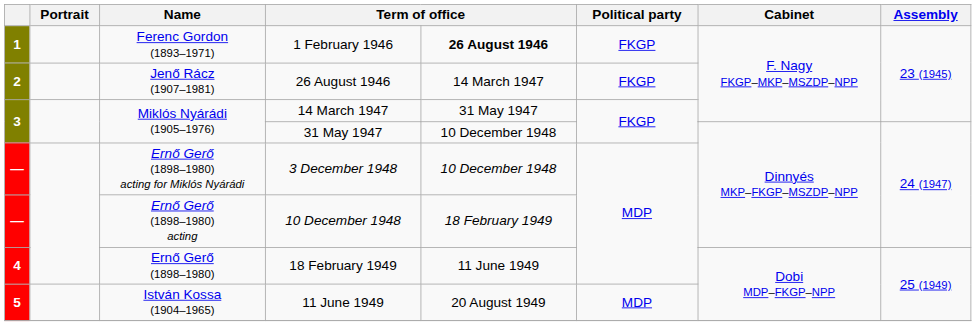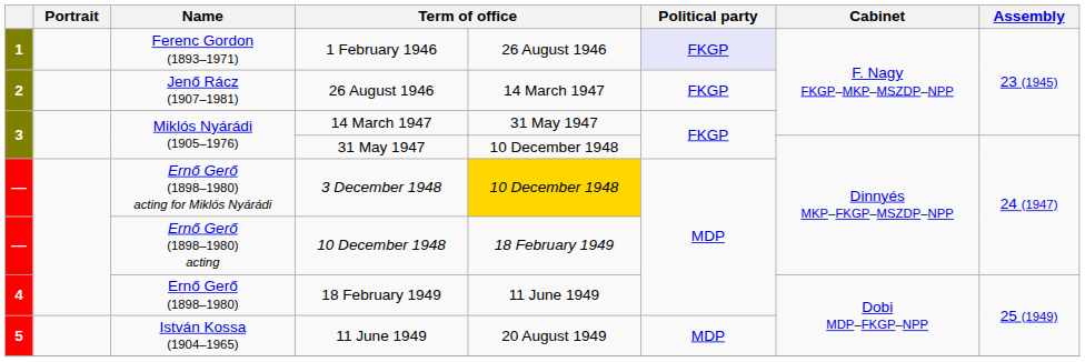 <table class="wikitable" style="width:90%; text-align:center;">
 <tr>
 <th></th>
 <th>Portrait</th>
 <th>Name<br></th>
 <th colspan=2>Term of office</th>
 <th>Political party</th>
 <th>Cabinet</th>
 <th><a href='#'>Assembly</a><br></th>
 </tr>
 <tr>
 <th style="background-color:#808000; color:white">1</th>
 <td></td>
 <td><a href='#'>Ferenc Gordon</a><br><small>(1893–1971)</small></td>
 <td>1 February 1946</td>
-<td><strong>26 August 1946</strong></td>
-<td><a href='#'>FKGP</a></td>
+<td>26 August 1946</td>
+<td style="background: lavender;"><a href='#'>FKGP</a></td>
 <td rowspan="3"><a href='#'>F. Nagy</a><br><small><a href='#'>FKGP</a>–<a href='#'>MKP</a>–<a href='#'>MSZDP</a>–<a href='#'>NPP</a></small></td>
 <td rowspan="4"><a href='#'>23 <small>(1945)</small></a></td>
 </tr>
 <tr>
 <th style="background-color:#808000; color:white">2</th>
 <td></td>
 <td><a href='#'>Jenő Rácz</a><br><small>(1907–1981)</small></td>
 <td>26 August 1946</td>
 <td>14 March 1947</td>
 <td><a href='#'>FKGP</a></td>
 </tr>
 <tr>
 <th rowspan="3" style="background-color:#808000; color:white">3</th>
 <td rowspan="3"></td>
 <td rowspan="3"><a href='#'>Miklós Nyárádi</a><br><small>(1905–1976)</small></td>
 <td>14 March 1947</td>
 <td>31 May 1947</td>
 <td rowspan="3"><a href='#'>FKGP</a></td>
 </tr>
 <tr>
 <td rowspan="2">31 May 1947</td>
 <td rowspan="2">10 December 1948</td>
 <td rowspan="4"><a href='#'>Dinnyés</a><br><small><a href='#'>MKP</a>–<a href='#'>FKGP</a>–<a href='#'>MSZDP</a>–<a href='#'>NPP</a></small></td>
 </tr>
 <tr>
 <td rowspan="4"><a href='#'>24 <small>(1947)</small></a></td>
 </tr>
 <tr>
 <th style="background-color:Red; color:white">—</th>
 <td rowspan="4"></td>
 <td><em><a href='#'>Ernő Gerő</a></em><br><small>(1898–1980)<br><em>acting for Miklós Nyárádi</em></small></td>
 <td><em>3 December 1948</em></td>
-<td><em>10 December 1948</em></td>
+<td style="background: gold;"><em>10 December 1948</em></td>
 <td rowspan="4"><a href='#'>MDP</a></td>
 </tr>
 <tr>
 <th style="background-color:Red; color:white">—</th>
 <td><em><a href='#'>Ernő Gerő</a></em><br><small>(1898–1980)<br><em>acting</em></small></td>
 <td><em>10 December 1948</em></td>
 <td><em>18 February 1949</em></td>
 </tr>
 <tr>
 <th rowspan="2" style="background-color:Red; color:white">4</th>
 <td rowspan="2"><a href='#'>Ernő Gerő</a><br><small>(1898–1980)</small></td>
 <td rowspan="2">18 February 1949</td>
 <td rowspan="2">11 June 1949</td>
 <td rowspan="3"><a href='#'>Dobi</a><br><small><a href='#'>MDP</a>–<a href='#'>FKGP</a>–<a href='#'>NPP</a></small></td>
 </tr>
 <tr>
 <td rowspan="2"><a href='#'>25 <small>(1949)</small></a></td>
 </tr>
 <tr>
 <th style="background-color:Red; color:white">5</th>
 <td></td>
 <td><a href='#'>István Kossa</a><br><small>(1904–1965)</small></td>
 <td>11 June 1949</td>
 <td>20 August 1949</td>
 <td><a href='#'>MDP</a></td>
 </tr>
 <tr>
 </tr>
 </table>
